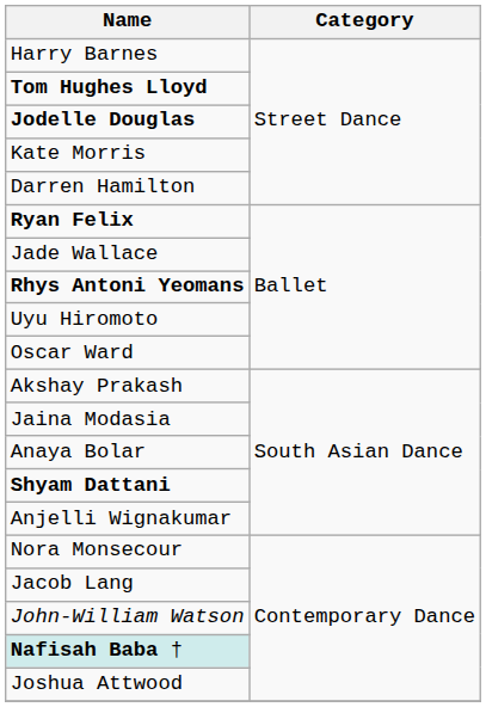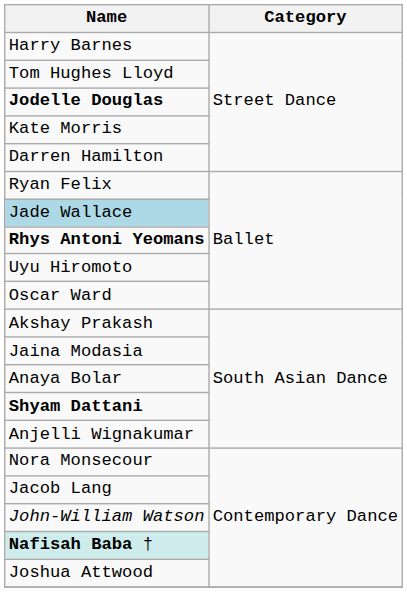 <table class="wikitable sortable" style="font-size: 95%">
 <tr>
 <th>Name</th>
 <th>Category</th>
 </tr>
 <tr>
 <td>Harry Barnes</td>
 <td rowspan="5">Street Dance</td>
 </tr>
 <tr>
-<td><strong>Tom Hughes Lloyd</strong></td>
+<td>Tom Hughes Lloyd</td>
 </tr>
 <tr>
 <td><strong>Jodelle Douglas</strong></td>
 </tr>
 <tr>
 <td>Kate Morris</td>
 </tr>
 <tr>
 <td>Darren Hamilton</td>
 </tr>
 <tr>
-<td><strong>Ryan Felix</strong></td>
+<td>Ryan Felix</td>
 <td rowspan="5">Ballet</td>
 </tr>
 <tr>
-<td>Jade Wallace</td>
+<td style="background: lightblue;">Jade Wallace</td>
 </tr>
 <tr>
 <td><strong>Rhys Antoni Yeomans</strong></td>
 </tr>
 <tr>
 <td>Uyu Hiromoto</td>
 </tr>
 <tr>
 <td>Oscar Ward</td>
 </tr>
 <tr>
 <td>Akshay Prakash</td>
 <td rowspan="5">South Asian Dance</td>
 </tr>
 <tr>
 <td>Jaina Modasia</td>
 </tr>
 <tr>
 <td>Anaya Bolar</td>
 </tr>
 <tr>
 <td><strong>Shyam Dattani</strong></td>
 </tr>
 <tr>
 <td>Anjelli Wignakumar</td>
 </tr>
 <tr>
 <td>Nora Monsecour</td>
 <td rowspan="5">Contemporary Dance</td>
 </tr>
 <tr>
 <td>Jacob Lang</td>
 </tr>
 <tr>
 <td><em>John-William Watson</em></td>
 </tr>
 <tr>
 <td style="background-color:#CFECEC"><strong>Nafisah Baba</strong> †</td>
 </tr>
 <tr>
 <td>Joshua Attwood</td>
 </tr>
 <tr>
 </tr>
 </table>
